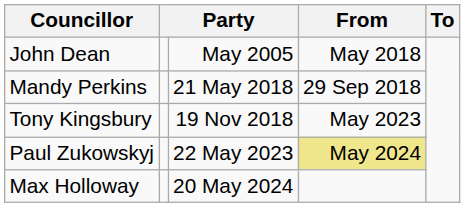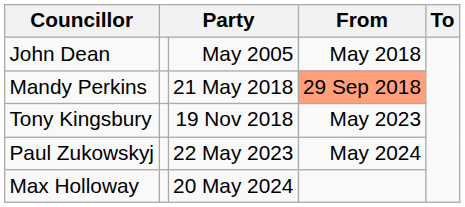 <table class=wikitable>
 <tr>
 <th>Councillor</th>
 <th colspan=2>Party</th>
 <th>From</th>
 <th>To</th>
 </tr>
 <tr>
 <td>John Dean</td>
 <td></td>
 <td align=right>May 2005</td>
 <td align=right>May 2018</td>
 </tr>
 <tr>
 <td>Mandy Perkins</td>
 <td></td>
 <td align=right>21 May 2018</td>
-<td align=right>29 Sep 2018</td>
+<td align=right style="background: lightsalmon;">29 Sep 2018</td>
 </tr>
 <tr>
 <td>Tony Kingsbury</td>
 <td></td>
 <td align=right>19 Nov 2018</td>
 <td align=right>May 2023</td>
 </tr>
 <tr>
 <td>Paul Zukowskyj</td>
 <td></td>
 <td align=right>22 May 2023</td>
-<td align=right style="background: khaki;">May 2024</td>
+<td align=right>May 2024</td>
 </tr>
 <tr>
 <td>Max Holloway</td>
 <td></td>
 <td align=right>20 May 2024</td>
 <td align=right></td>
 </tr>
 </table>
